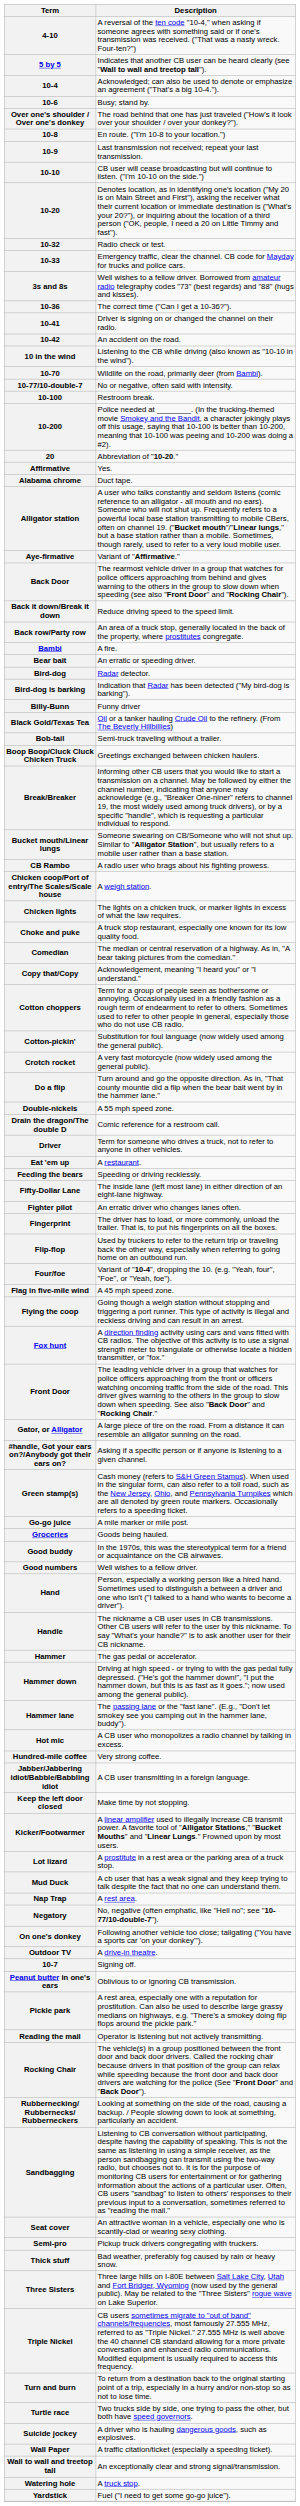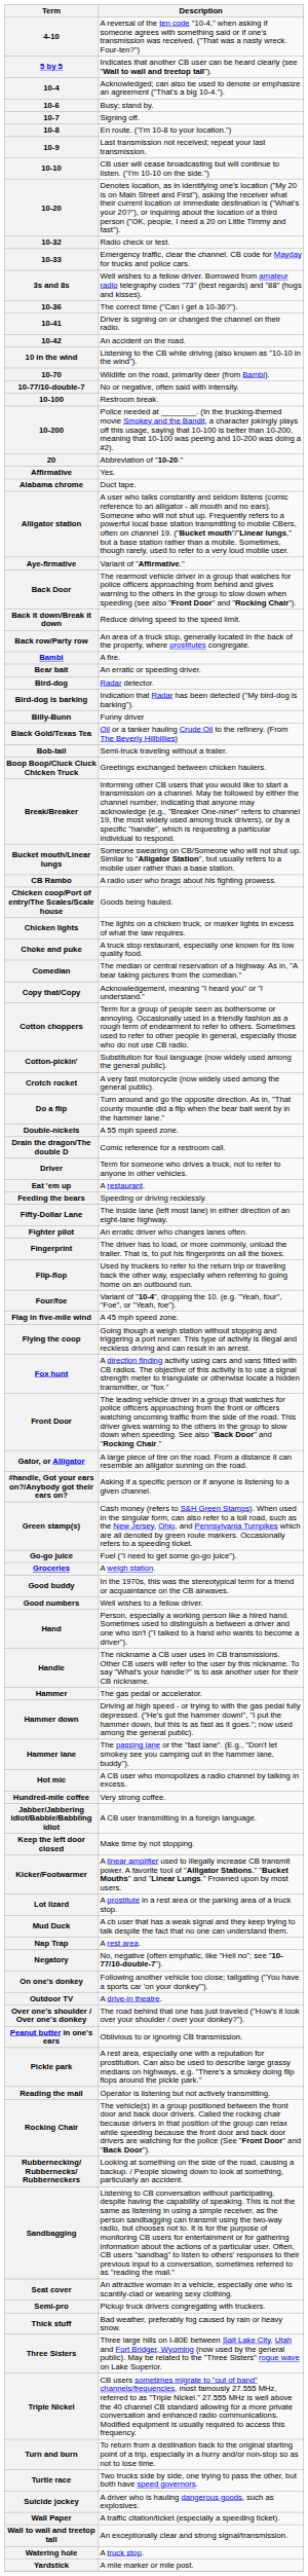 <table class="wikitable sortable">
 <tr>
 <th>Term</th>
 <th>Description</th>
 </tr>
 <tr>
 <th>4-10</th>
 <td>A reversal of the <a href='#'>ten code</a> "10-4," when asking if someone agrees with something said or if one's transmission was received. ("That was a nasty wreck. Four-ten?")</td>
 </tr>
 <tr>
 <th><a href='#'>5 by 5</a></th>
 <td>Indicates that another CB user can be heard clearly (see "<strong>Wall to wall and treetop tall</strong>").</td>
 </tr>
 <tr>
 <th>10-4</th>
 <td>Acknowledged; can also be used to denote or emphasize an agreement ("That's a big 10-4.").</td>
 </tr>
 <tr>
 <th>10-6</th>
 <td>Busy; stand by.</td>
 </tr>
 <tr>
-<th>Over one's shoulder / Over one's donkey</th>
-<td>The road behind that one has just traveled ("How's it look over your shoulder / over your donkey?").</td>
+<th>10-7</th>
+<td>Signing off.</td>
 </tr>
 <tr>
 <th>10-8</th>
 <td>En route. ("I'm 10-8 to your location.")</td>
 </tr>
 <tr>
 <th>10-9</th>
 <td>Last transmission not received; repeat your last transmission.</td>
 </tr>
 <tr>
 <th>10-10</th>
 <td>CB user will cease broadcasting but will continue to listen. ("I'm 10-10 on the side.")</td>
 </tr>
 <tr>
 <th>10-20</th>
 <td>Denotes location, as in identifying one's location ("My 20 is on Main Street and First"), asking the receiver what their current location or immediate destination is ("What's your 20?"), or inquiring about the location of a third person ("OK, people, I need a 20 on Little Timmy and fast").</td>
 </tr>
 <tr>
 <th>10-32</th>
 <td>Radio check or test.</td>
 </tr>
 <tr>
 <th>10-33</th>
 <td>Emergency traffic, clear the channel. CB code for <a href='#'>Mayday</a> for trucks and police cars.</td>
 </tr>
 <tr>
 <th>3s and 8s</th>
 <td>Well wishes to a fellow driver. Borrowed from <a href='#'>amateur radio</a> telegraphy codes "73" (best regards) and "88" (hugs and kisses).</td>
 </tr>
 <tr>
 <th>10-36</th>
 <td>The correct time ("Can I get a 10-36?").</td>
 </tr>
 <tr>
 <th>10-41</th>
 <td>Driver is signing on or changed the channel on their radio.</td>
 </tr>
 <tr>
 <th>10-42</th>
 <td>An accident on the road.</td>
 </tr>
 <tr>
 <th>10 in the wind</th>
 <td>Listening to the CB while driving (also known as "10-10 in the wind").</td>
 </tr>
 <tr>
 <th>10-70</th>
 <td>Wildlife on the road, primarily deer (from <a href='#'>Bambi</a>).</td>
 </tr>
 <tr>
 <th>10-77/10-double-7</th>
 <td>No or negative, often said with intensity.</td>
 </tr>
 <tr>
 <th>10-100</th>
 <td>Restroom break.</td>
 </tr>
 <tr>
 <th>10-200</th>
 <td>Police needed at ________.  (In the trucking-themed movie <a href='#'>Smokey and the Bandit</a>, a character jokingly plays off this usage, saying that 10-100 is better than 10-200, meaning that 10-100 was peeing and 10-200 was doing a #2).</td>
 </tr>
 <tr>
 <th>20</th>
 <td>Abbreviation of "<strong>10-20</strong>."</td>
 </tr>
 <tr>
 <th>Affirmative</th>
 <td>Yes.</td>
 </tr>
 <tr>
 <th>Alabama chrome</th>
 <td>Duct tape.</td>
 </tr>
 <tr>
 <th>Alligator station</th>
 <td>A user who talks constantly and seldom listens (comic reference to an alligator - all mouth and no ears). Someone who will not shut up. Frequently refers to a powerful local base station transmitting to mobile CBers, often on channel 19. ("<strong>Bucket mouth</strong>"/"<strong>Linear lungs</strong>," but a base station rather than a mobile. Sometimes, though rarely, used to refer to a very loud mobile user.</td>
 </tr>
 <tr>
 <th>Aye-firmative</th>
 <td>Variant of "<strong>Affirmative</strong>."</td>
 </tr>
 <tr>
 <th>Back Door</th>
 <td>The rearmost vehicle driver in a group that watches for police officers approaching from behind and gives warning to the others in the group to slow down when speeding (see also "<strong>Front Door</strong>" and "<strong>Rocking Chair</strong>").</td>
 </tr>
 <tr>
 <th>Back it down/Break it down</th>
 <td>Reduce driving speed to the speed limit.</td>
 </tr>
 <tr>
 <th>Back row/Party row</th>
 <td>An area of a truck stop, generally located in the back of the property, where <a href='#'>prostitutes</a> congregate.</td>
 </tr>
 <tr>
 <th><a href='#'>Bambi</a></th>
 <td>A fire.</td>
 </tr>
 <tr>
 <th>Bear bait</th>
 <td>An erratic or speeding driver.</td>
 </tr>
 <tr>
 <th>Bird-dog</th>
 <td><a href='#'>Radar</a> detector.</td>
 </tr>
 <tr>
 <th>Bird-dog is barking</th>
 <td>Indication that <a href='#'>Radar</a> has been detected ("My bird-dog is barking").</td>
 </tr>
 <tr>
 <th>Billy-Bunn</th>
 <td>Funny driver</td>
 </tr>
 <tr>
 <th>Black Gold/Texas Tea</th>
 <td><a href='#'>Oil</a> or a tanker hauling <a href='#'>Crude Oil</a> to the refinery. (From <a href='#'>The Beverly Hillbillies</a>)</td>
 </tr>
 <tr>
 <th>Bob-tail</th>
 <td>Semi-truck traveling without a trailer.</td>
 </tr>
 <tr>
 <th>Boop Boop/Cluck Cluck Chicken Truck</th>
 <td>Greetings exchanged between chicken haulers.</td>
 </tr>
 <tr>
 <th>Break/Breaker</th>
 <td>Informing other CB users that you would like to start a transmission on a channel. May be followed by either the channel number, indicating that anyone may acknowledge (e.g., "Breaker One-niner" refers to channel 19, the most widely used among truck drivers), or by a specific "handle", which is requesting a particular individual to respond.</td>
 </tr>
 <tr>
 <th>Bucket mouth/Linear lungs</th>
 <td>Someone swearing on CB/Someone who will not shut up. Similar to "<strong>Alligator Station</strong>", but usually refers to a mobile user rather than a base station.</td>
 </tr>
 <tr>
 <th>CB Rambo</th>
 <td>A radio user who brags about his fighting prowess.</td>
 </tr>
 <tr>
 <th>Chicken coop/Port of entry/The Scales/Scale house</th>
-<td>A <a href='#'>weigh station</a>.</td>
+<td>Goods being hauled.</td>
 </tr>
 <tr>
 <th>Chicken lights</th>
 <td>The lights on a chicken truck, or marker lights in excess of what the law requires.</td>
 </tr>
 <tr>
 <th>Choke and puke</th>
 <td>A truck stop restaurant, especially one known for its low quality food.</td>
 </tr>
 <tr>
 <th>Comedian</th>
 <td>The median or central reservation of a highway. As in, "A bear taking pictures from the comedian."</td>
 </tr>
 <tr>
 <th>Copy that/Copy</th>
 <td>Acknowledgement, meaning "I heard you" or "I understand."</td>
 </tr>
 <tr>
 <th>Cotton choppers</th>
 <td>Term for a group of people seen as bothersome or annoying. Occasionally used in a friendly fashion as a rough term of endearment to refer to others. Sometimes used to refer to other people in general, especially those who do not use CB radio.</td>
 </tr>
 <tr>
 <th>Cotton-pickin'</th>
 <td>Substitution for foul language (now widely used among the general public).</td>
 </tr>
 <tr>
 <th>Crotch rocket</th>
 <td>A very fast motorcycle (now widely used among the general public).</td>
 </tr>
 <tr>
 <th>Do a flip</th>
 <td>Turn around and go the opposite direction. As in, "That county mountie did a flip when the bear bait went by in the hammer lane."</td>
 </tr>
 <tr>
 <th>Double-nickels</th>
 <td>A 55 mph speed zone.</td>
 </tr>
 <tr>
 <th>Drain the dragon/The double D</th>
 <td>Comic reference for a restroom call.</td>
 </tr>
 <tr>
 <th>Driver</th>
 <td>Term for someone who drives a truck, not to refer to anyone in other vehicles.</td>
 </tr>
 <tr>
 <th>Eat 'em up</th>
 <td>A <a href='#'>restaurant</a>.</td>
 </tr>
 <tr>
 <th>Feeding the bears</th>
 <td>Speeding or driving recklessly.</td>
 </tr>
 <tr>
 <th>Fifty-Dollar Lane</th>
 <td>The inside lane (left most lane) in either direction of an eight-lane highway.</td>
 </tr>
 <tr>
 <th>Fighter pilot</th>
 <td>An erratic driver who changes lanes often.</td>
 </tr>
 <tr>
 <th>Fingerprint</th>
 <td>The driver has to load, or more commonly, unload the trailer. That is, to put his fingerprints on all the boxes.</td>
 </tr>
 <tr>
 <th>Flip-flop</th>
 <td>Used by truckers to refer to the return trip or traveling back the other way, especially when referring to going home on an outbound run.</td>
 </tr>
 <tr>
 <th>Four/foe</th>
 <td>Variant of "<strong>10-4</strong>", dropping the 10. (e.g. "Yeah, four", "Foe", or "Yeah, foe").</td>
 </tr>
 <tr>
 <th>Flag in five-mile wind</th>
 <td>A 45 mph speed zone.</td>
 </tr>
 <tr>
 <th>Flying the coop</th>
 <td>Going though a weigh station without stopping and triggering a port runner. This type of activity is illegal and reckless driving and can result in an arrest.</td>
 </tr>
 <tr>
 <th><a href='#'>Fox hunt</a></th>
 <td>A <a href='#'>direction finding</a> activity using cars and vans fitted with CB radios. The objective of this activity is to use a signal strength meter to triangulate or otherwise locate a hidden transmitter, or "fox."</td>
 </tr>
 <tr>
 <th>Front Door</th>
 <td>The leading vehicle driver in a group that watches for police officers approaching from the front or officers watching oncoming traffic from the side of the road. This driver gives warning to the others in the group to slow down when speeding. See also "<strong>Back Door</strong>" and "<strong>Rocking Chair</strong>."</td>
 </tr>
 <tr>
 <th>Gator, or <a href='#'>Alligator</a></th>
 <td>A large piece of tire on the road. From a distance it can resemble an alligator sunning on the road.</td>
 </tr>
 <tr>
 <th>#handle, Got your ears on?/Anybody got their ears on?</th>
 <td>Asking if a specific person or if anyone is listening to a given channel.</td>
 </tr>
 <tr>
 <th>Green stamp(s)</th>
 <td>Cash money (refers to <a href='#'>S&H Green Stamps</a>). When used in the singular form, can also refer to a toll road, such as the <a href='#'>New Jersey</a>, <a href='#'>Ohio</a>, and <a href='#'>Pennsylvania Turnpikes</a> which are all denoted by green route markers. Occasionally refers to a speeding ticket.</td>
 </tr>
 <tr>
 <th>Go-go juice</th>
-<td>A mile marker or mile post.</td>
+<td>Fuel ("I need to get some go-go juice").</td>
 </tr>
 <tr>
 <th><a href='#'>Groceries</a></th>
-<td>Goods being hauled.</td>
+<td>A <a href='#'>weigh station</a>.</td>
 </tr>
 <tr>
 <th>Good buddy</th>
 <td>In the 1970s, this was the stereotypical term for a friend or acquaintance on the CB airwaves.</td>
 </tr>
 <tr>
 <th>Good numbers</th>
 <td>Well wishes to a fellow driver.</td>
 </tr>
 <tr>
 <th>Hand</th>
 <td>Person, especially a working person like a hired hand. Sometimes used to distinguish a between a driver and one who isn't ("I talked to a hand who wants to become a driver").</td>
 </tr>
 <tr>
 <th>Handle</th>
 <td>The nickname a CB user uses in CB transmissions. Other CB users will refer to the user by this nickname. To say "What's your handle?" is to ask another user for their CB nickname.</td>
 </tr>
 <tr>
 <th>Hammer</th>
 <td>The gas pedal or accelerator.</td>
 </tr>
 <tr>
 <th>Hammer down</th>
 <td>Driving at high speed - or trying to with the gas pedal fully depressed. ("He's got the hammer down!", "I put the hammer down, but this is as fast as it goes."; now used among the general public).</td>
 </tr>
 <tr>
 <th>Hammer lane</th>
 <td>The <a href='#'>passing lane</a> or the "fast lane". (E.g., "Don't let smokey see you camping out in the hammer lane, buddy").</td>
 </tr>
 <tr>
 <th>Hot mic</th>
 <td>A CB user who monopolizes a radio channel by talking in excess.</td>
 </tr>
 <tr>
 <th>Hundred-mile coffee</th>
 <td>Very strong coffee.</td>
 </tr>
 <tr>
 <th>Jabber/Jabbering idiot/Babble/Babbling idiot</th>
 <td>A CB user transmitting in a foreign language.</td>
 </tr>
 <tr>
 <th>Keep the left door closed</th>
 <td>Make time by not stopping.</td>
 </tr>
 <tr>
 <th>Kicker/Footwarmer</th>
 <td>A <a href='#'>linear amplifier</a> used to illegally increase CB transmit power. A favorite tool of "<strong>Alligator Stations</strong>," "<strong>Bucket Mouths</strong>" and "<strong>Linear Lungs</strong>." Frowned upon by most users.</td>
 </tr>
 <tr>
 <th>Lot lizard</th>
 <td>A <a href='#'>prostitute</a> in a rest area or the parking area of a truck stop.</td>
 </tr>
 <tr>
 <th>Mud Duck</th>
 <td>A cb user that has a weak signal and they keep trying to talk despite the fact that no one can understand them.</td>
 </tr>
 <tr>
 <th>Nap Trap</th>
 <td>A <a href='#'>rest area</a>.</td>
 </tr>
 <tr>
 <th>Negatory</th>
 <td>No, negative (often emphatic, like "Hell no"; see "<strong>10-77/10-double-7</strong>").</td>
 </tr>
 <tr>
 <th>On one's donkey</th>
 <td>Following another vehicle too close; tailgating ("You have a sports car 'on your donkey'").</td>
 </tr>
 <tr>
 <th>Outdoor TV</th>
 <td>A <a href='#'>drive-in theatre</a>.</td>
 </tr>
 <tr>
-<th>10-7</th>
-<td>Signing off.</td>
+<th>Over one's shoulder / Over one's donkey</th>
+<td>The road behind that one has just traveled ("How's it look over your shoulder / over your donkey?").</td>
 </tr>
 <tr>
 <th><a href='#'>Peanut butter</a> in one's ears</th>
 <td>Oblivious to or ignoring CB transmission.</td>
 </tr>
 <tr>
 <th>Pickle park</th>
 <td>A rest area, especially one with a reputation for prostitution. Can also be used to describe large grassy medians on highways, e.g. "There's a smokey doing flip flops around the pickle park."</td>
 </tr>
 <tr>
 <th>Reading the mail</th>
 <td>Operator is listening but not actively transmitting.</td>
 </tr>
 <tr>
 <th>Rocking Chair</th>
 <td>The vehicle(s) in a group positioned between the front door and back door drivers. Called the rocking chair because drivers in that position of the group can relax while speeding because the front door and back door drivers are watching for the police (See "<strong>Front Door</strong>" and "<strong>Back Door</strong>").</td>
 </tr>
 <tr>
 <th>Rubbernecking/ Rubbernecks/ Rubberneckers</th>
 <td>Looking at something on the side of the road, causing a backup. / People slowing down to look at something, particularly an accident.</td>
 </tr>
 <tr>
 <th>Sandbagging</th>
 <td>Listening to CB conversation without participating, despite having the capability of speaking. This is not the same as listening in using a simple receiver, as the person sandbagging can transmit using the two-way radio, but chooses not to. It is for the purpose of monitoring CB users for entertainment or for gathering information about the actions of a particular user. Often, CB users "sandbag" to listen to others' responses to their previous input to a conversation, sometimes referred to as "reading the mail."</td>
 </tr>
 <tr>
 <th>Seat cover</th>
 <td>An attractive woman in a vehicle, especially one who is scantily-clad or wearing sexy clothing.</td>
 </tr>
 <tr>
 <th>Semi-pro</th>
 <td>Pickup truck drivers congregating with truckers.</td>
 </tr>
 <tr>
 <th>Thick stuff</th>
 <td>Bad weather, preferably fog caused by rain or heavy snow.</td>
 </tr>
 <tr>
 <th>Three Sisters</th>
 <td>Three large hills on I-80E between <a href='#'>Salt Lake City</a>, <a href='#'>Utah</a> and <a href='#'>Fort Bridger, Wyoming</a> (now used by the general public). May be related to the "Three Sisters" <a href='#'>rogue wave</a> on Lake Superior.</td>
 </tr>
 <tr>
 <th>Triple Nickel</th>
 <td>CB users <a href='#'>sometimes migrate to "out of band" channels/frequencies</a>, most famously 27.555 MHz, referred to as "Triple Nickel." 27.555 MHz is well above the 40 channel CB standard allowing for a more private conversation and enhanced radio communications. Modified equipment is usually required to access this frequency.</td>
 </tr>
 <tr>
 <th>Turn and burn</th>
 <td>To return from a destination back to the original starting point of a trip, especially in a hurry and/or non-stop so as not to lose time.</td>
 </tr>
 <tr>
 <th>Turtle race</th>
 <td>Two trucks side by side, one trying to pass the other, but both have <a href='#'>speed governors</a>.</td>
 </tr>
 <tr>
 <th>Suicide jockey</th>
 <td>A driver who is hauling <a href='#'>dangerous goods</a>, such as explosives.</td>
 </tr>
 <tr>
 <th>Wall Paper</th>
 <td>A traffic citation/ticket (especially a speeding ticket).</td>
 </tr>
 <tr>
 <th>Wall to wall and treetop tall</th>
 <td>An exceptionally clear and strong signal/transmission.</td>
 </tr>
 <tr>
 <th>Watering hole</th>
 <td>A <a href='#'>truck stop</a>.</td>
 </tr>
 <tr>
 <th>Yardstick</th>
-<td>Fuel ("I need to get some go-go juice").</td>
+<td>A mile marker or mile post.</td>
 </tr>
 <tr>
 </tr>
 </table>
